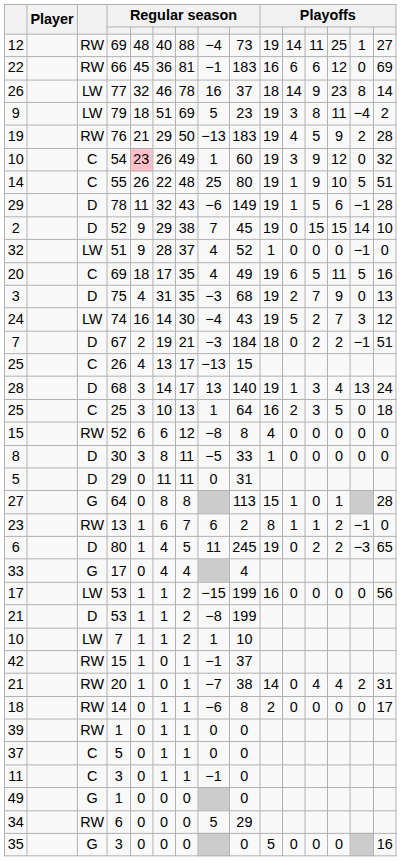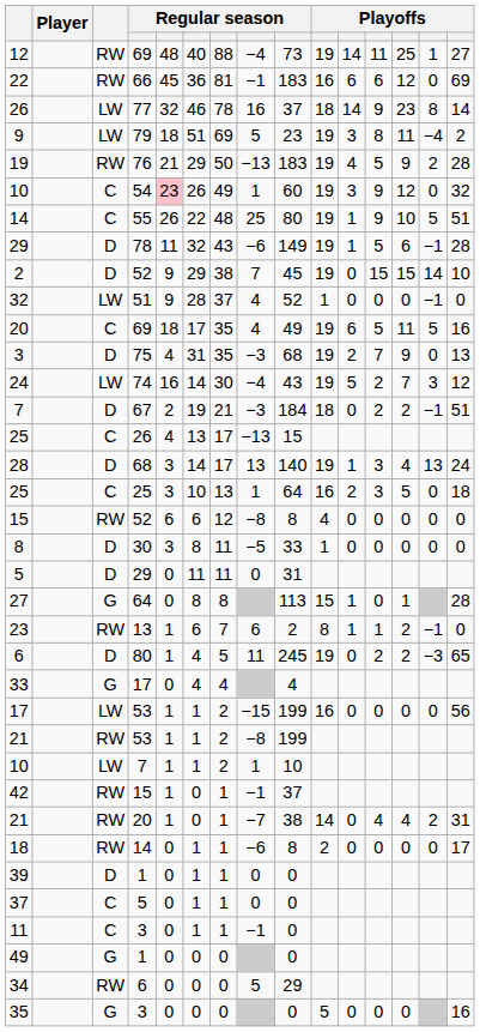 <table class="wikitable sortable plainrowheaders" style="text-align:center;">
 <tr>
 <th scope="col" data-sort-type="number" rowspan="2"></th>
 <th scope="col" rowspan="2">Player</th>
 <th scope="col" rowspan="2"></th>
 <th scope=colgroup colspan=6>Regular season</th>
 <th scope=colgroup colspan=6>Playoffs</th>
 </tr>
 <tr>
 <th scope="col" data-sort-type="number"></th>
 <th scope="col" data-sort-type="number"></th>
 <th scope="col" data-sort-type="number"></th>
 <th scope="col" data-sort-type="number"></th>
 <th scope="col" data-sort-type="number"></th>
 <th scope="col" data-sort-type="number"></th>
 <th scope="col" data-sort-type="number"></th>
 <th scope="col" data-sort-type="number"></th>
 <th scope="col" data-sort-type="number"></th>
 <th scope="col" data-sort-type="number"></th>
 <th scope="col" data-sort-type="number"></th>
 <th scope="col" data-sort-type="number"></th>
 </tr>
 <tr>
 <td scope="row">12</td>
 <td align="left"></td>
 <td>RW</td>
 <td>69</td>
 <td>48</td>
 <td>40</td>
 <td>88</td>
 <td>−4</td>
 <td>73</td>
 <td>19</td>
 <td>14</td>
 <td>11</td>
 <td>25</td>
 <td>1</td>
 <td>27</td>
 </tr>
 <tr>
 <td scope="row">22</td>
 <td align="left"></td>
 <td>RW</td>
 <td>66</td>
 <td>45</td>
 <td>36</td>
 <td>81</td>
 <td>−1</td>
 <td>183</td>
 <td>16</td>
 <td>6</td>
 <td>6</td>
 <td>12</td>
 <td>0</td>
 <td>69</td>
 </tr>
 <tr>
 <td scope="row">26</td>
 <td align="left"></td>
 <td>LW</td>
 <td>77</td>
 <td>32</td>
 <td>46</td>
 <td>78</td>
 <td>16</td>
 <td>37</td>
 <td>18</td>
 <td>14</td>
 <td>9</td>
 <td>23</td>
 <td>8</td>
 <td>14</td>
 </tr>
 <tr>
 <td scope="row">9</td>
 <td align="left"></td>
 <td>LW</td>
 <td>79</td>
 <td>18</td>
 <td>51</td>
 <td>69</td>
 <td>5</td>
 <td>23</td>
 <td>19</td>
 <td>3</td>
 <td>8</td>
 <td>11</td>
 <td>−4</td>
 <td>2</td>
 </tr>
 <tr>
 <td scope="row">19</td>
 <td align="left"></td>
 <td>RW</td>
 <td>76</td>
 <td>21</td>
 <td>29</td>
 <td>50</td>
 <td>−13</td>
 <td>183</td>
 <td>19</td>
 <td>4</td>
 <td>5</td>
 <td>9</td>
 <td>2</td>
 <td>28</td>
 </tr>
 <tr>
 <td scope="row">10</td>
 <td align="left"></td>
 <td>C</td>
 <td>54</td>
 <td style="background: pink;">23</td>
 <td>26</td>
 <td>49</td>
 <td>1</td>
 <td>60</td>
 <td>19</td>
 <td>3</td>
 <td>9</td>
 <td>12</td>
 <td>0</td>
 <td>32</td>
 </tr>
 <tr>
 <td scope="row">14</td>
 <td align="left"></td>
 <td>C</td>
 <td>55</td>
 <td>26</td>
 <td>22</td>
 <td>48</td>
 <td>25</td>
 <td>80</td>
 <td>19</td>
 <td>1</td>
 <td>9</td>
 <td>10</td>
 <td>5</td>
 <td>51</td>
 </tr>
 <tr>
 <td scope="row">29</td>
 <td align="left"></td>
 <td>D</td>
 <td>78</td>
 <td>11</td>
 <td>32</td>
 <td>43</td>
 <td>−6</td>
 <td>149</td>
 <td>19</td>
 <td>1</td>
 <td>5</td>
 <td>6</td>
 <td>−1</td>
 <td>28</td>
 </tr>
 <tr>
 <td scope="row">2</td>
 <td align="left"></td>
 <td>D</td>
 <td>52</td>
 <td>9</td>
 <td>29</td>
 <td>38</td>
 <td>7</td>
 <td>45</td>
 <td>19</td>
 <td>0</td>
 <td>15</td>
 <td>15</td>
 <td>14</td>
 <td>10</td>
 </tr>
 <tr>
 <td scope="row">32</td>
 <td align="left"></td>
 <td>LW</td>
 <td>51</td>
 <td>9</td>
 <td>28</td>
 <td>37</td>
 <td>4</td>
 <td>52</td>
 <td>1</td>
 <td>0</td>
 <td>0</td>
 <td>0</td>
 <td>−1</td>
 <td>0</td>
 </tr>
 <tr>
 <td scope="row">20</td>
 <td align="left"></td>
 <td>C</td>
 <td>69</td>
 <td>18</td>
 <td>17</td>
 <td>35</td>
 <td>4</td>
 <td>49</td>
 <td>19</td>
 <td>6</td>
 <td>5</td>
 <td>11</td>
 <td>5</td>
 <td>16</td>
 </tr>
 <tr>
 <td scope="row">3</td>
 <td align="left"></td>
 <td>D</td>
 <td>75</td>
 <td>4</td>
 <td>31</td>
 <td>35</td>
 <td>−3</td>
 <td>68</td>
 <td>19</td>
 <td>2</td>
 <td>7</td>
 <td>9</td>
 <td>0</td>
 <td>13</td>
 </tr>
 <tr>
 <td scope="row">24</td>
 <td align="left"></td>
 <td>LW</td>
 <td>74</td>
 <td>16</td>
 <td>14</td>
 <td>30</td>
 <td>−4</td>
 <td>43</td>
 <td>19</td>
 <td>5</td>
 <td>2</td>
 <td>7</td>
 <td>3</td>
 <td>12</td>
 </tr>
 <tr>
 <td scope="row">7</td>
 <td align="left"></td>
 <td>D</td>
 <td>67</td>
 <td>2</td>
 <td>19</td>
 <td>21</td>
 <td>−3</td>
 <td>184</td>
 <td>18</td>
 <td>0</td>
 <td>2</td>
 <td>2</td>
 <td>−1</td>
 <td>51</td>
 </tr>
 <tr>
 <td scope="row">25</td>
 <td align="left"></td>
 <td>C</td>
 <td>26</td>
 <td>4</td>
 <td>13</td>
 <td>17</td>
 <td>−13</td>
 <td>15</td>
 <td></td>
 <td></td>
 <td></td>
 <td></td>
 <td></td>
 <td></td>
 </tr>
 <tr>
 <td scope="row">28</td>
 <td align="left"></td>
 <td>D</td>
 <td>68</td>
 <td>3</td>
 <td>14</td>
 <td>17</td>
 <td>13</td>
 <td>140</td>
 <td>19</td>
 <td>1</td>
 <td>3</td>
 <td>4</td>
 <td>13</td>
 <td>24</td>
 </tr>
 <tr>
 <td scope="row">25</td>
 <td align="left"></td>
 <td>C</td>
 <td>25</td>
 <td>3</td>
 <td>10</td>
 <td>13</td>
 <td>1</td>
 <td>64</td>
 <td>16</td>
 <td>2</td>
 <td>3</td>
 <td>5</td>
 <td>0</td>
 <td>18</td>
 </tr>
 <tr>
 <td scope="row">15</td>
 <td align="left"></td>
 <td>RW</td>
 <td>52</td>
 <td>6</td>
 <td>6</td>
 <td>12</td>
 <td>−8</td>
 <td>8</td>
 <td>4</td>
 <td>0</td>
 <td>0</td>
 <td>0</td>
 <td>0</td>
 <td>0</td>
 </tr>
 <tr>
 <td scope="row">8</td>
 <td align="left"></td>
 <td>D</td>
 <td>30</td>
 <td>3</td>
 <td>8</td>
 <td>11</td>
 <td>−5</td>
 <td>33</td>
 <td>1</td>
 <td>0</td>
 <td>0</td>
 <td>0</td>
 <td>0</td>
 <td>0</td>
 </tr>
 <tr>
 <td scope="row">5</td>
 <td align="left"></td>
 <td>D</td>
 <td>29</td>
 <td>0</td>
 <td>11</td>
 <td>11</td>
 <td>0</td>
 <td>31</td>
 <td></td>
 <td></td>
 <td></td>
 <td></td>
 <td></td>
 <td></td>
 </tr>
 <tr>
 <td scope="row">27</td>
 <td align="left"></td>
 <td>G</td>
 <td>64</td>
 <td>0</td>
 <td>8</td>
 <td>8</td>
 <td style="background:#ccc"></td>
 <td>113</td>
 <td>15</td>
 <td>1</td>
 <td>0</td>
 <td>1</td>
 <td style="background:#ccc"></td>
 <td>28</td>
 </tr>
 <tr>
 <td scope="row">23</td>
 <td align="left"></td>
 <td>RW</td>
 <td>13</td>
 <td>1</td>
 <td>6</td>
 <td>7</td>
 <td>6</td>
 <td>2</td>
 <td>8</td>
 <td>1</td>
 <td>1</td>
 <td>2</td>
 <td>−1</td>
 <td>0</td>
 </tr>
 <tr>
 <td scope="row">6</td>
 <td align="left"></td>
 <td>D</td>
 <td>80</td>
 <td>1</td>
 <td>4</td>
 <td>5</td>
 <td>11</td>
 <td>245</td>
 <td>19</td>
 <td>0</td>
 <td>2</td>
 <td>2</td>
 <td>−3</td>
 <td>65</td>
 </tr>
 <tr>
 <td scope="row">33</td>
 <td align="left"></td>
 <td>G</td>
 <td>17</td>
 <td>0</td>
 <td>4</td>
 <td>4</td>
 <td style="background:#ccc"></td>
 <td>4</td>
 <td></td>
 <td></td>
 <td></td>
 <td></td>
 <td></td>
 <td></td>
 </tr>
 <tr>
 <td scope="row">17</td>
 <td align="left"></td>
 <td>LW</td>
 <td>53</td>
 <td>1</td>
 <td>1</td>
 <td>2</td>
 <td>−15</td>
 <td>199</td>
 <td>16</td>
 <td>0</td>
 <td>0</td>
 <td>0</td>
 <td>0</td>
 <td>56</td>
 </tr>
 <tr>
 <td scope="row">21</td>
 <td align="left"></td>
-<td>D</td>
+<td>RW</td>
 <td>53</td>
 <td>1</td>
 <td>1</td>
 <td>2</td>
 <td>−8</td>
 <td>199</td>
 <td></td>
 <td></td>
 <td></td>
 <td></td>
 <td></td>
 <td></td>
 </tr>
 <tr>
 <td scope="row">10</td>
 <td align="left"></td>
 <td>LW</td>
 <td>7</td>
 <td>1</td>
 <td>1</td>
 <td>2</td>
 <td>1</td>
 <td>10</td>
 <td></td>
 <td></td>
 <td></td>
 <td></td>
 <td></td>
 <td></td>
 </tr>
 <tr>
 <td scope="row">42</td>
 <td align="left"></td>
 <td>RW</td>
 <td>15</td>
 <td>1</td>
 <td>0</td>
 <td>1</td>
 <td>−1</td>
 <td>37</td>
 <td></td>
 <td></td>
 <td></td>
 <td></td>
 <td></td>
 <td></td>
 </tr>
 <tr>
 <td scope="row">21</td>
 <td align="left"></td>
 <td>RW</td>
 <td>20</td>
 <td>1</td>
 <td>0</td>
 <td>1</td>
 <td>−7</td>
 <td>38</td>
 <td>14</td>
 <td>0</td>
 <td>4</td>
 <td>4</td>
 <td>2</td>
 <td>31</td>
 </tr>
 <tr>
 <td scope="row">18</td>
 <td align="left"></td>
 <td>RW</td>
 <td>14</td>
 <td>0</td>
 <td>1</td>
 <td>1</td>
 <td>−6</td>
 <td>8</td>
 <td>2</td>
 <td>0</td>
 <td>0</td>
 <td>0</td>
 <td>0</td>
 <td>17</td>
 </tr>
 <tr>
 <td scope="row">39</td>
 <td align="left"></td>
-<td>RW</td>
+<td>D</td>
 <td>1</td>
 <td>0</td>
 <td>1</td>
 <td>1</td>
 <td>0</td>
 <td>0</td>
 <td></td>
 <td></td>
 <td></td>
 <td></td>
 <td></td>
 <td></td>
 </tr>
 <tr>
 <td scope="row">37</td>
 <td align="left"></td>
 <td>C</td>
 <td>5</td>
 <td>0</td>
 <td>1</td>
 <td>1</td>
 <td>0</td>
 <td>0</td>
 <td></td>
 <td></td>
 <td></td>
 <td></td>
 <td></td>
 <td></td>
 </tr>
 <tr>
 <td scope="row">11</td>
 <td align="left"></td>
 <td>C</td>
 <td>3</td>
 <td>0</td>
 <td>1</td>
 <td>1</td>
 <td>−1</td>
 <td>0</td>
 <td></td>
 <td></td>
 <td></td>
 <td></td>
 <td></td>
 <td></td>
 </tr>
 <tr>
 <td scope="row">49</td>
 <td align="left"></td>
 <td>G</td>
 <td>1</td>
 <td>0</td>
 <td>0</td>
 <td>0</td>
 <td style="background:#ccc"></td>
 <td>0</td>
 <td></td>
 <td></td>
 <td></td>
 <td></td>
 <td></td>
 <td></td>
 </tr>
 <tr>
 <td scope="row">34</td>
 <td align="left"></td>
 <td>RW</td>
 <td>6</td>
 <td>0</td>
 <td>0</td>
 <td>0</td>
 <td>5</td>
 <td>29</td>
 <td></td>
 <td></td>
 <td></td>
 <td></td>
 <td></td>
 <td></td>
 </tr>
 <tr>
 <td scope="row">35</td>
 <td align="left"></td>
 <td>G</td>
 <td>3</td>
 <td>0</td>
 <td>0</td>
 <td>0</td>
 <td style="background:#ccc"></td>
 <td>0</td>
 <td>5</td>
 <td>0</td>
 <td>0</td>
 <td>0</td>
 <td style="background:#ccc"></td>
 <td>16</td>
 </tr>
 </table>
